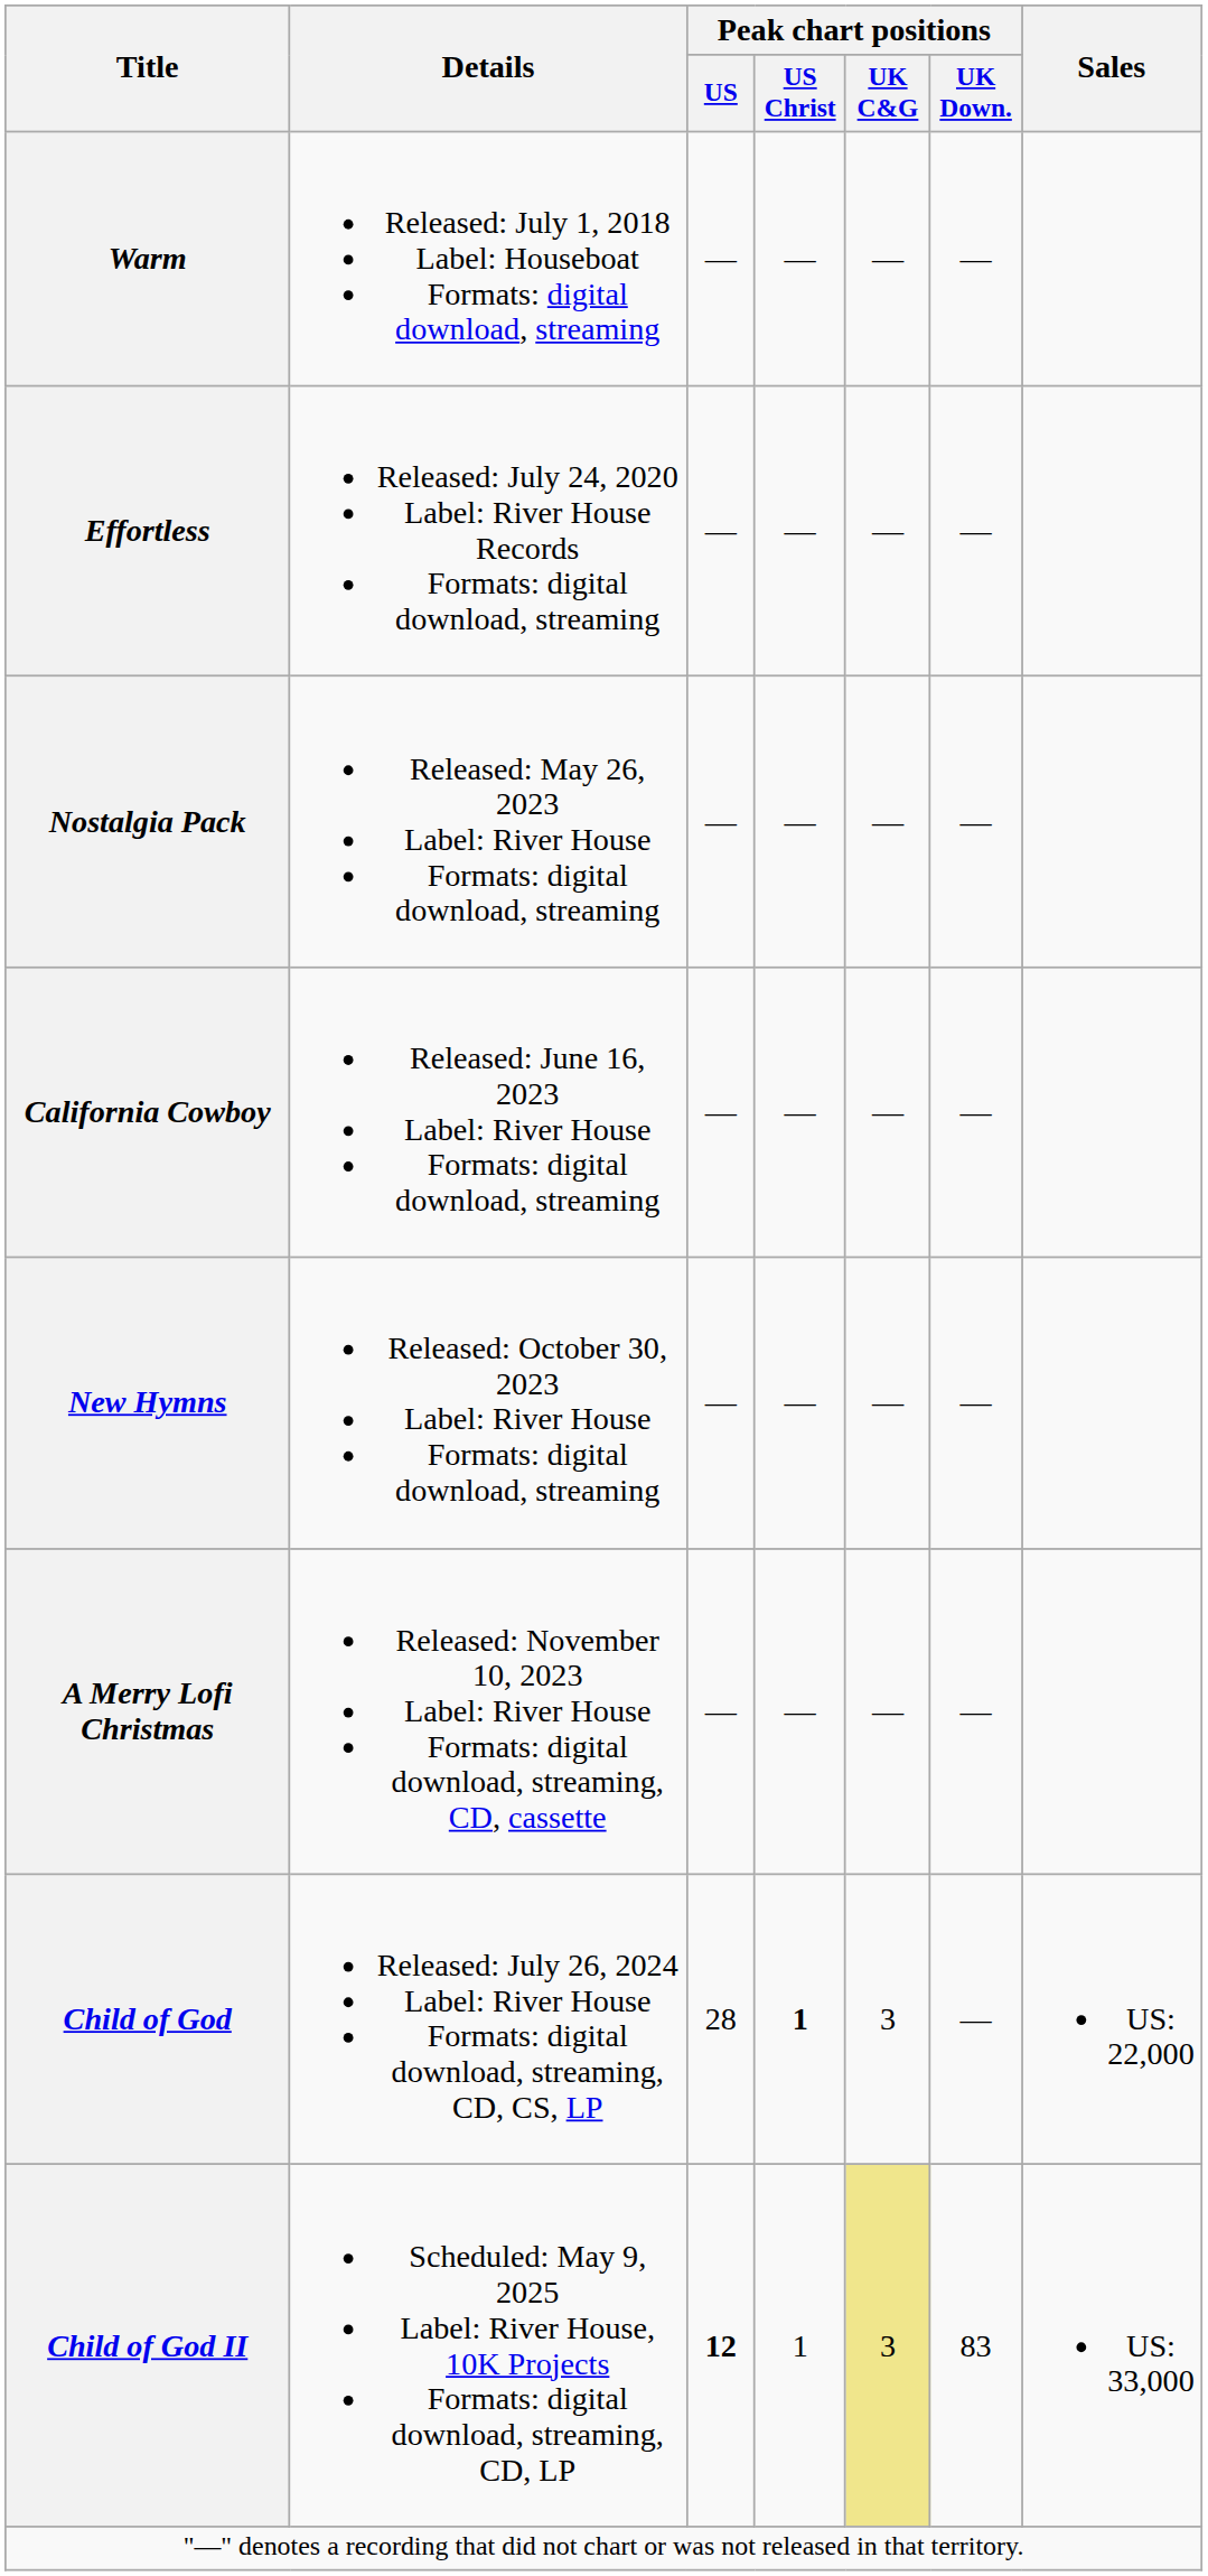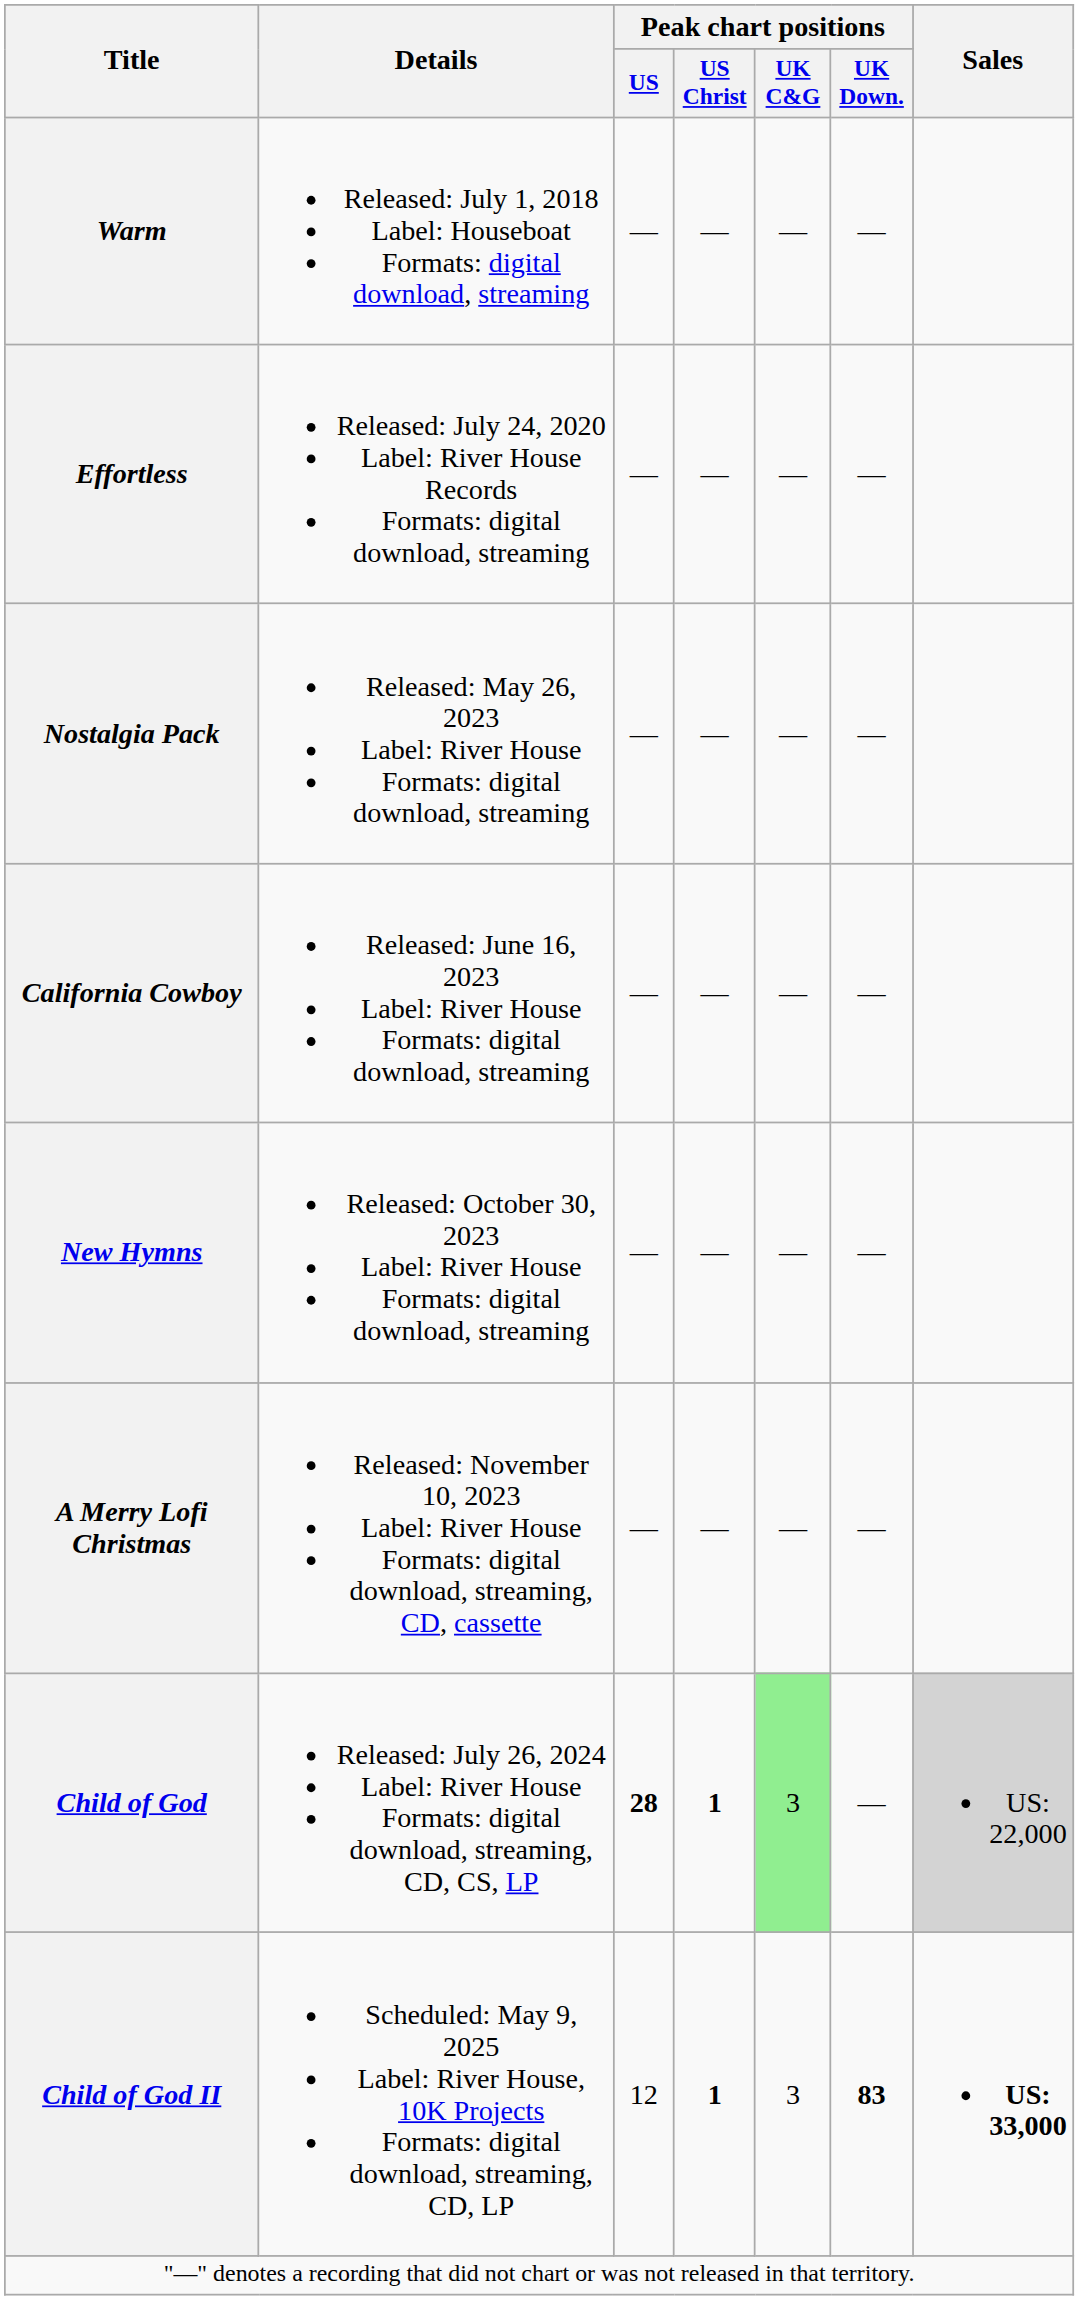 <table class="wikitable plainrowheaders" style="text-align:center;">
 <tr>
 <th scope="col" rowspan="2" style="width:15em;">Title</th>
 <th scope="col" rowspan="2" style="width:20em;">Details</th>
 <th scope="col" colspan="4">Peak chart positions</th>
 <th rowspan="2">Sales<br></th>
 </tr>
 <tr style="font-size:smaller;">
 <th scope="col" width="45"><a href='#'>US</a><br></th>
 <th scope="col" width="45"><a href='#'>US<br>Christ</a><br></th>
 <th scope="col" width="45"><a href='#'>UK<br>C&G</a><br></th>
 <th scope="col" width="45"><a href='#'>UK<br>Down.</a><br></th>
 </tr>
 <tr>
 <th scope="row"><em>Warm</em><br></th>
 <td><br><ul><li>Released: July 1, 2018</li><li>Label: Houseboat</li><li>Formats: <a href='#'>digital download</a>, <a href='#'>streaming</a></li></ul></td>
 <td>—</td>
 <td>—</td>
 <td>—</td>
 <td>—</td>
 <td></td>
 </tr>
 <tr>
 <th scope="row"><em>Effortless</em></th>
 <td><br><ul><li>Released: July 24, 2020</li><li>Label: River House Records</li><li>Formats: digital download, streaming</li></ul></td>
 <td>—</td>
 <td>—</td>
 <td>—</td>
 <td>—</td>
 <td></td>
 </tr>
 <tr>
 <th scope="row"><em>Nostalgia Pack</em></th>
 <td><br><ul><li>Released: May 26, 2023</li><li>Label: River House</li><li>Formats: digital download, streaming</li></ul></td>
 <td>—</td>
 <td>—</td>
 <td>—</td>
 <td>—</td>
 <td></td>
 </tr>
 <tr>
 <th scope="row"><em>California Cowboy</em></th>
 <td><br><ul><li>Released: June 16, 2023</li><li>Label: River House</li><li>Formats: digital download, streaming</li></ul></td>
 <td>—</td>
 <td>—</td>
 <td>—</td>
 <td>—</td>
 <td></td>
 </tr>
 <tr>
 <th scope="row"><em><a href='#'>New Hymns</a></em></th>
 <td><br><ul><li>Released: October 30, 2023</li><li>Label: River House</li><li>Formats: digital download, streaming</li></ul></td>
 <td>—</td>
 <td>—</td>
 <td>—</td>
 <td>—</td>
 <td></td>
 </tr>
 <tr>
 <th scope="row"><em>A Merry Lofi Christmas</em></th>
 <td><br><ul><li>Released: November 10, 2023</li><li>Label: River House</li><li>Formats: digital download, streaming, <a href='#'>CD</a>, <a href='#'>cassette</a></li></ul></td>
 <td>—</td>
 <td>—</td>
 <td>—</td>
 <td>—</td>
 <td></td>
 </tr>
 <tr>
 <th scope="row"><em><a href='#'>Child of God</a></em></th>
 <td><br><ul><li>Released: July 26, 2024</li><li>Label: River House</li><li>Formats: digital download, streaming, CD, CS, <a href='#'>LP</a></li></ul></td>
-<td>28</td>
+<td><strong>28</strong></td>
 <td><strong>1</strong></td>
-<td>3</td>
+<td style="background: lightgreen;">3</td>
 <td>—</td>
-<td><br><ul><li>US: 22,000</li></ul></td>
+<td style="background: lightgrey;"><br><ul><li>US: 22,000</li></ul></td>
 </tr>
 <tr>
 <th scope="row"><em><a href='#'>Child of God II</a></em></th>
 <td><br><ul><li>Scheduled: May 9, 2025</li><li>Label: River House, <a href='#'>10K Projects</a></li><li>Formats: digital download, streaming, CD, LP</li></ul></td>
-<td><strong>12</strong></td>
-<td>1</td>
-<td style="background: khaki;">3</td>
-<td>83</td>
-<td><br><ul><li>US: 33,000</li></ul></td>
+<td>12</td>
+<td><strong>1</strong></td>
+<td>3</td>
+<td><strong>83</strong></td>
+<td><strong><br><ul><li>US: 33,000</li></ul></strong></td>
 </tr>
 <tr>
 <td colspan="17" style="font-size:85%">"—" denotes a recording that did not chart or was not released in that territory.</td>
 </tr>
 </table>
